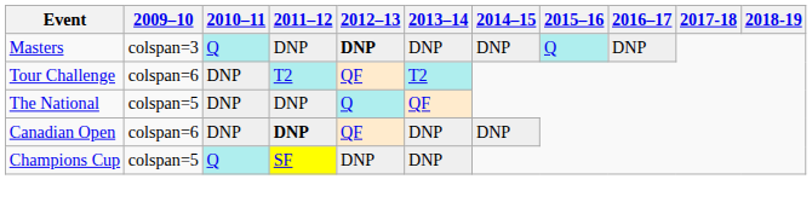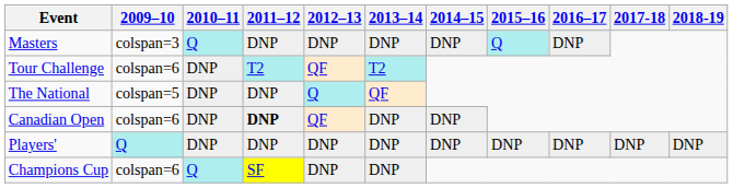 <table class="wikitable" style="font-size:95%;">
 <tr>
 <th>Event</th>
 <th><a href='#'>2009–10</a></th>
 <th><a href='#'>2010–11</a></th>
 <th><a href='#'>2011–12</a></th>
 <th><a href='#'>2012–13</a></th>
 <th><a href='#'>2013–14</a></th>
 <th><a href='#'>2014–15</a></th>
 <th><a href='#'>2015–16</a></th>
 <th><a href='#'>2016–17</a></th>
 <th><a href='#'>2017-18</a></th>
 <th><a href='#'>2018-19</a></th>
 </tr>
 <tr>
 <td><a href='#'>Masters</a></td>
 <td>colspan=3 </td>
 <td style="background:#afeeee;"><a href='#'>Q</a></td>
 <td style="background:#EFEFEF;">DNP</td>
-<td style="background:#EFEFEF;"><strong>DNP</strong></td>
+<td style="background:#EFEFEF;">DNP</td>
 <td style="background:#EFEFEF;">DNP</td>
 <td style="background:#EFEFEF;">DNP</td>
 <td style="background:#afeeee;"><a href='#'>Q</a></td>
 <td style="background:#EFEFEF;">DNP</td>
 </tr>
 <tr>
 <td><a href='#'>Tour Challenge</a></td>
 <td>colspan=6 </td>
 <td style="background:#EFEFEF;">DNP</td>
 <td style="background:#afeeee;"><a href='#'>T2</a></td>
 <td style="background:#ffebcd;"><a href='#'>QF</a></td>
 <td style="background:#afeeee;"><a href='#'>T2</a></td>
 </tr>
 <tr>
 <td><a href='#'>The National</a></td>
 <td>colspan=5 </td>
 <td style="background:#EFEFEF;">DNP</td>
 <td style="background:#EFEFEF;">DNP</td>
 <td style="background:#afeeee;"><a href='#'>Q</a></td>
 <td style="background:#ffebcd;"><a href='#'>QF</a></td>
 </tr>
 <tr>
 <td><a href='#'>Canadian Open</a></td>
 <td>colspan=6 </td>
 <td style="background:#EFEFEF;">DNP</td>
 <td style="background:#EFEFEF;"><strong>DNP</strong></td>
 <td style="background:#ffebcd;"><a href='#'>QF</a></td>
 <td style="background:#EFEFEF;">DNP</td>
 <td style="background:#EFEFEF;">DNP</td>
 </tr>
 <tr>
+<td><a href='#'>Players'</a></td>
+<td style="background:#afeeee;"><a href='#'>Q</a></td>
+<td style="background:#EFEFEF;">DNP</td>
+<td style="background:#EFEFEF;">DNP</td>
+<td style="background:#EFEFEF;">DNP</td>
+<td style="background:#EFEFEF;">DNP</td>
+<td style="background:#EFEFEF;">DNP</td>
+<td style="background:#EFEFEF;">DNP</td>
+<td style="background:#EFEFEF;">DNP</td>
+<td style="background:#EFEFEF;">DNP</td>
+<td style="background:#EFEFEF;">DNP</td>
+</tr>
+<tr>
 <td><a href='#'>Champions Cup</a></td>
-<td>colspan=5 </td>
+<td>colspan=6 </td>
 <td style="background:#afeeee;"><a href='#'>Q</a></td>
 <td style="background:yellow;"><a href='#'>SF</a></td>
 <td style="background:#EFEFEF;">DNP</td>
 <td style="background:#EFEFEF;">DNP</td>
 </tr>
 </table>
